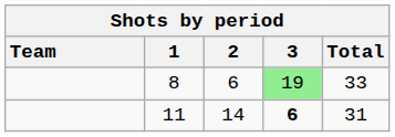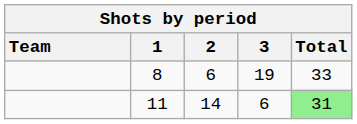 <table class="wikitable" style="width:20em;">
 <tr>
 <th colspan="6">Shots by period</th>
 </tr>
 <tr>
 <th style="width:8em; text-align:left;">Team</th>
 <th style="width:3em;">1</th>
 <th style="width:3em;">2</th>
 <th style="width:3em;">3</th>
 <th style="width:3em;">Total</th>
 </tr>
 <tr style="text-align:center;">
 <td style="text-align:left;"></td>
 <td>8</td>
 <td>6</td>
-<td style="background: lightgreen;">19</td>
+<td>19</td>
 <td>33</td>
 </tr>
 <tr style="text-align:center;">
 <td style="text-align:left;"></td>
 <td>11</td>
 <td>14</td>
-<td><strong>6</strong></td>
-<td>31</td>
+<td>6</td>
+<td style="background: lightgreen;">31</td>
 </tr>
 </table>
